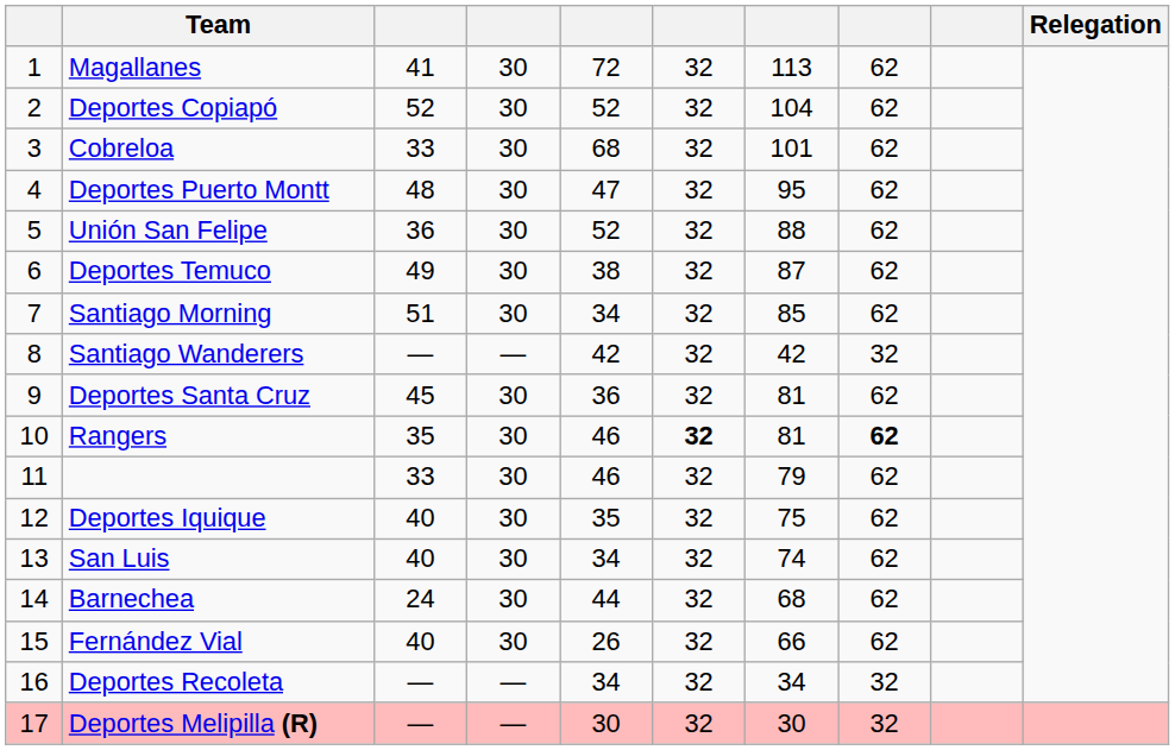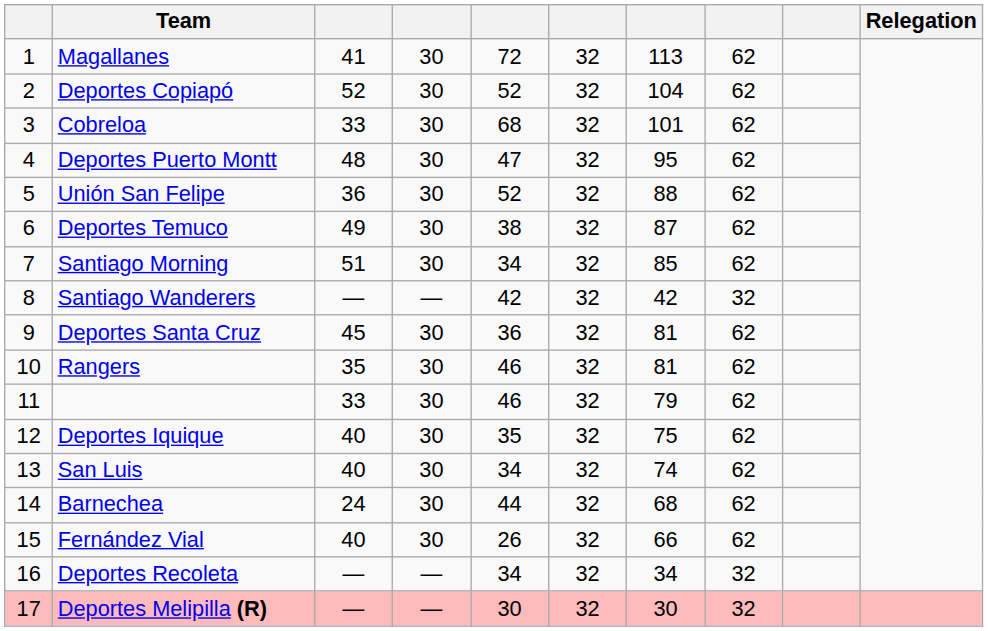 <table class="wikitable" style="text-align: center;">
 <tr>
 <th width=28></th>
 <th width=185>Team</th>
 <th width=50></th>
 <th width=50></th>
 <th width=50></th>
 <th width=50></th>
 <th width=50></th>
 <th width=50></th>
 <th width=50></th>
 <th>Relegation</th>
 </tr>
 <tr>
 <td>1</td>
 <td align="left"><a href='#'>Magallanes</a></td>
 <td>41</td>
 <td>30</td>
 <td>72</td>
 <td>32</td>
 <td>113</td>
 <td>62</td>
 <td><strong></strong></td>
 </tr>
 <tr>
 <td>2</td>
 <td align="left"><a href='#'>Deportes Copiapó</a></td>
 <td>52</td>
 <td>30</td>
 <td>52</td>
 <td>32</td>
 <td>104</td>
 <td>62</td>
 <td><strong></strong></td>
 </tr>
 <tr>
 <td>3</td>
 <td align="left"><a href='#'>Cobreloa</a></td>
 <td>33</td>
 <td>30</td>
 <td>68</td>
 <td>32</td>
 <td>101</td>
 <td>62</td>
 <td><strong></strong></td>
 </tr>
 <tr>
 <td>4</td>
 <td align="left"><a href='#'>Deportes Puerto Montt</a></td>
 <td>48</td>
 <td>30</td>
 <td>47</td>
 <td>32</td>
 <td>95</td>
 <td>62</td>
 <td><strong></strong></td>
 </tr>
 <tr>
 <td>5</td>
 <td align="left"><a href='#'>Unión San Felipe</a></td>
 <td>36</td>
 <td>30</td>
 <td>52</td>
 <td>32</td>
 <td>88</td>
 <td>62</td>
 <td><strong></strong></td>
 </tr>
 <tr>
 <td>6</td>
 <td align="left"><a href='#'>Deportes Temuco</a></td>
 <td>49</td>
 <td>30</td>
 <td>38</td>
 <td>32</td>
 <td>87</td>
 <td>62</td>
 <td><strong></strong></td>
 </tr>
 <tr>
 <td>7</td>
 <td align="left"><a href='#'>Santiago Morning</a></td>
 <td>51</td>
 <td>30</td>
 <td>34</td>
 <td>32</td>
 <td>85</td>
 <td>62</td>
 <td><strong></strong></td>
 </tr>
 <tr>
 <td>8</td>
 <td align="left"><a href='#'>Santiago Wanderers</a></td>
 <td>—</td>
 <td>—</td>
 <td>42</td>
 <td>32</td>
 <td>42</td>
 <td>32</td>
 <td><strong></strong></td>
 </tr>
 <tr>
 <td>9</td>
 <td align="left"><a href='#'>Deportes Santa Cruz</a></td>
 <td>45</td>
 <td>30</td>
 <td>36</td>
 <td>32</td>
 <td>81</td>
 <td>62</td>
 <td><strong></strong></td>
 </tr>
 <tr>
 <td>10</td>
 <td align="left"><a href='#'>Rangers</a></td>
 <td>35</td>
 <td>30</td>
 <td>46</td>
-<td><strong>32</strong></td>
+<td>32</td>
 <td>81</td>
-<td><strong>62</strong></td>
+<td>62</td>
 <td><strong></strong></td>
 </tr>
 <tr>
 <td>11</td>
 <td align="left"></td>
 <td>33</td>
 <td>30</td>
 <td>46</td>
 <td>32</td>
 <td>79</td>
 <td>62</td>
 <td><strong></strong></td>
 </tr>
 <tr>
 <td>12</td>
 <td align="left"><a href='#'>Deportes Iquique</a></td>
 <td>40</td>
 <td>30</td>
 <td>35</td>
 <td>32</td>
 <td>75</td>
 <td>62</td>
 <td><strong></strong></td>
 </tr>
 <tr>
 <td>13</td>
 <td align="left"><a href='#'>San Luis</a></td>
 <td>40</td>
 <td>30</td>
 <td>34</td>
 <td>32</td>
 <td>74</td>
 <td>62</td>
 <td><strong></strong></td>
 </tr>
 <tr>
 <td>14</td>
 <td align="left"><a href='#'>Barnechea</a></td>
 <td>24</td>
 <td>30</td>
 <td>44</td>
 <td>32</td>
 <td>68</td>
 <td>62</td>
 <td><strong></strong></td>
 </tr>
 <tr>
 <td>15</td>
 <td align="left"><a href='#'>Fernández Vial</a></td>
 <td>40</td>
 <td>30</td>
 <td>26</td>
 <td>32</td>
 <td>66</td>
 <td>62</td>
 <td><strong></strong></td>
 </tr>
 <tr>
 <td>16</td>
 <td align="left"><a href='#'>Deportes Recoleta</a></td>
 <td>—</td>
 <td>—</td>
 <td>34</td>
 <td>32</td>
 <td>34</td>
 <td>32</td>
 <td><strong></strong></td>
 </tr>
 <tr bgcolor=#FFBBBB>
 <td>17</td>
 <td align="left"><a href='#'>Deportes Melipilla</a> <strong>(R)</strong></td>
 <td>—</td>
 <td>—</td>
 <td>30</td>
 <td>32</td>
 <td>30</td>
 <td>32</td>
 <td><strong></strong></td>
 <td></td>
 </tr>
 </table>
